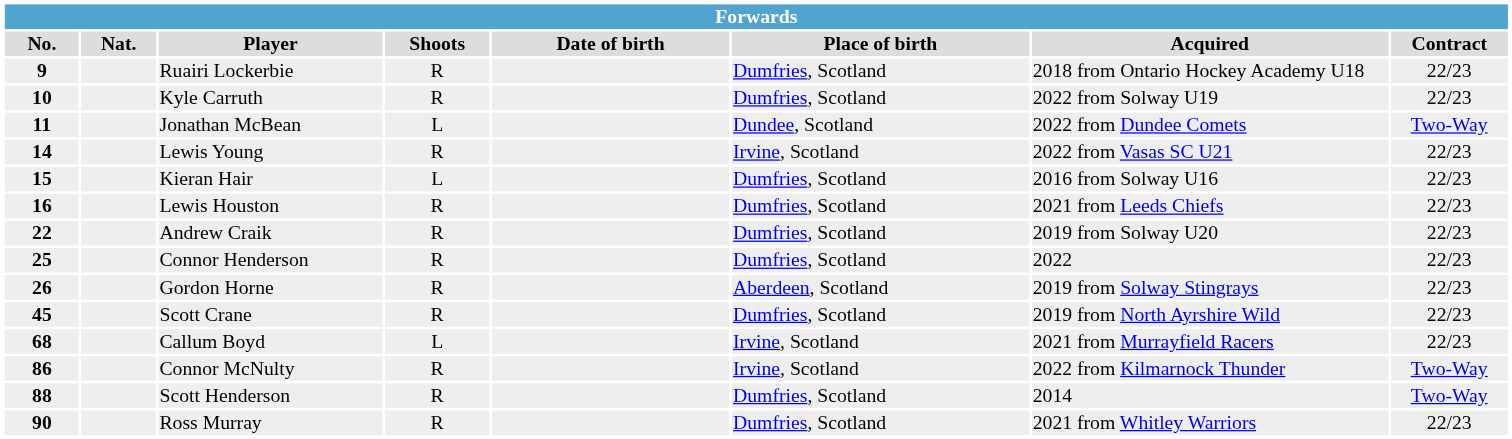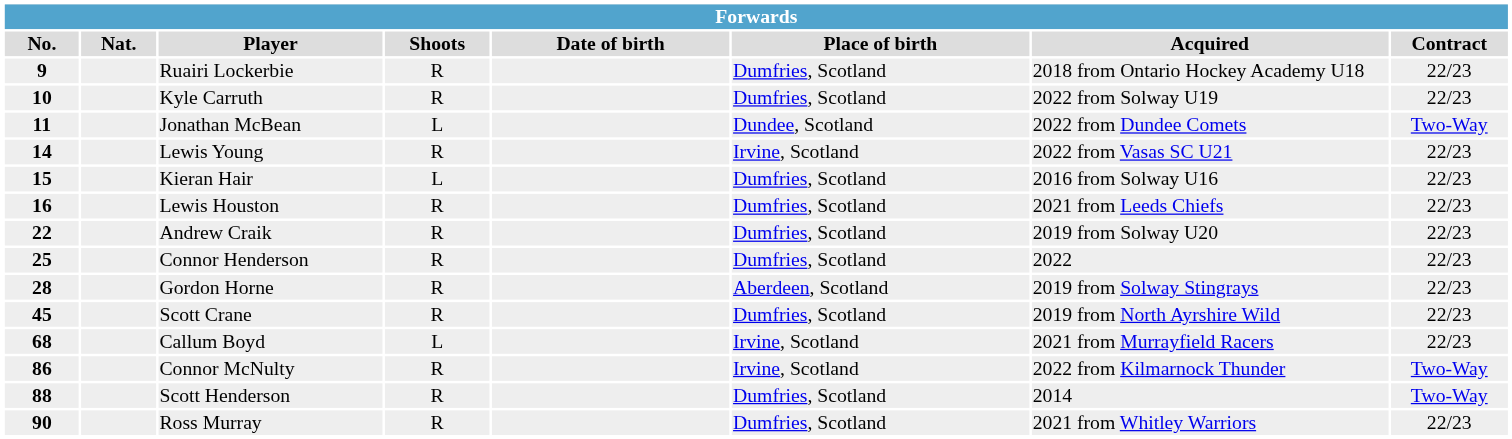 <table class="toccolours"  style="width:97%; clear:both; margin:1.5em auto; text-align:center;">
 <tr style="background:#ddd;">
 <th colspan="11" style="background:#51a4cd; color:white;”">Forwards</th>
 </tr>
 <tr style="background:#ddd;">
 <th width=5%>No.</th>
 <th width=5%>Nat.</th>
 <th !width=22%>Player</th>
 <th width=7%>Shoots</th>
 <th width=16%>Date of birth</th>
 <th width=20%>Place of birth</th>
 <th width=24%>Acquired</th>
 <td><strong>Contract</strong></td>
 </tr>
 <tr style="background:#eee;">
 <td><strong>9</strong></td>
 <td></td>
 <td align=left>Ruairi Lockerbie</td>
 <td>R</td>
 <td align=left></td>
 <td align=left><a href='#'>Dumfries</a>, Scotland</td>
 <td align=left>2018 from Ontario Hockey Academy U18</td>
 <td>22/23</td>
 </tr>
 <tr style="background:#eee;">
 <td><strong>10</strong></td>
 <td></td>
 <td align=left>Kyle Carruth</td>
 <td>R</td>
 <td align=left></td>
 <td align=left><a href='#'>Dumfries</a>, Scotland</td>
 <td align=left>2022 from Solway U19</td>
 <td>22/23</td>
 </tr>
 <tr style="background:#eee;">
 <td><strong>11</strong></td>
 <td></td>
 <td align=left>Jonathan McBean</td>
 <td>L</td>
 <td align=left></td>
 <td align=left><a href='#'>Dundee</a>, Scotland</td>
 <td align=left>2022 from <a href='#'>Dundee Comets</a></td>
 <td><a href='#'>Two-Way</a></td>
 </tr>
 <tr style="background:#eee;">
 <td><strong>14</strong></td>
 <td></td>
 <td align=left>Lewis Young</td>
 <td>R</td>
 <td align=left></td>
 <td align=left><a href='#'>Irvine</a>, Scotland</td>
 <td align=left>2022 from <a href='#'>Vasas SC U21</a></td>
 <td>22/23</td>
 </tr>
 <tr style="background:#eee;">
 <td><strong>15</strong></td>
 <td></td>
 <td align=left>Kieran Hair</td>
 <td>L</td>
 <td align=left></td>
 <td align=left><a href='#'>Dumfries</a>, Scotland</td>
 <td align=left>2016 from Solway U16</td>
 <td>22/23</td>
 </tr>
 <tr style="background:#eee;">
 <td><strong>16</strong></td>
 <td></td>
 <td align=left>Lewis Houston</td>
 <td>R</td>
 <td align=left></td>
 <td align=left><a href='#'>Dumfries</a>, Scotland</td>
 <td align=left>2021 from <a href='#'>Leeds Chiefs</a></td>
 <td>22/23</td>
 </tr>
 <tr style="background:#eee;">
 <td><strong>22</strong></td>
 <td></td>
 <td align=left>Andrew Craik</td>
 <td>R</td>
 <td align=left></td>
 <td align=left><a href='#'>Dumfries</a>, Scotland</td>
 <td align=left>2019 from Solway U20</td>
 <td>22/23</td>
 </tr>
 <tr style="background:#eee;">
 <td><strong>25</strong></td>
 <td></td>
 <td align=left>Connor Henderson</td>
 <td>R</td>
 <td align=left></td>
 <td align=left><a href='#'>Dumfries</a>, Scotland</td>
 <td align=left>2022</td>
 <td>22/23</td>
 </tr>
 <tr style="background:#eee;">
-<td><strong>26</strong></td>
+<td><strong>28</strong></td>
 <td></td>
 <td align=left>Gordon Horne</td>
 <td>R</td>
 <td align=left></td>
 <td align=left><a href='#'>Aberdeen</a>, Scotland</td>
 <td align=left>2019 from <a href='#'>Solway Stingrays</a></td>
 <td>22/23</td>
 </tr>
 <tr style="background:#eee;">
 <td><strong>45</strong></td>
 <td></td>
 <td align=left>Scott Crane</td>
 <td>R</td>
 <td align=left></td>
 <td align=left><a href='#'>Dumfries</a>, Scotland</td>
 <td align=left>2019 from <a href='#'>North Ayrshire Wild</a></td>
 <td>22/23</td>
 </tr>
 <tr style="background:#eee;">
 <td><strong>68</strong></td>
 <td></td>
 <td align=left>Callum Boyd</td>
 <td>L</td>
 <td align=left></td>
 <td align=left><a href='#'>Irvine</a>, Scotland</td>
 <td align=left>2021 from <a href='#'>Murrayfield Racers</a></td>
 <td>22/23</td>
 </tr>
 <tr style="background:#eee;">
 <td><strong>86</strong></td>
 <td></td>
 <td align=left>Connor McNulty</td>
 <td>R</td>
 <td align=left></td>
 <td align=left><a href='#'>Irvine</a>, Scotland</td>
 <td align=left>2022 from <a href='#'>Kilmarnock Thunder</a></td>
 <td><a href='#'>Two-Way</a></td>
 </tr>
 <tr style="background:#eee;">
 <td><strong>88</strong></td>
 <td></td>
 <td align=left>Scott Henderson</td>
 <td>R</td>
 <td align=left></td>
 <td align=left><a href='#'>Dumfries</a>, Scotland</td>
 <td align=left>2014</td>
 <td><a href='#'>Two-Way</a></td>
 </tr>
 <tr style="background:#eee;">
 <td><strong>90</strong></td>
 <td></td>
 <td align=left>Ross Murray</td>
 <td>R</td>
 <td align=left></td>
 <td align=left><a href='#'>Dumfries</a>, Scotland</td>
 <td align=left>2021 from <a href='#'>Whitley Warriors</a></td>
 <td>22/23</td>
 </tr>
 </table>
